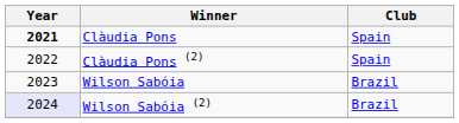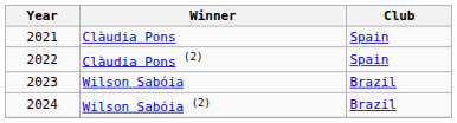 <table class="wikitable" style="width:450px;">
 <tr>
 <th>Year</th>
 <th>Winner</th>
 <th>Club</th>
 </tr>
 <tr>
-<td align=center><strong>2021</strong></td>
+<td align=center>2021</td>
 <td> <a href='#'>Clàudia Pons</a></td>
 <td> <a href='#'>Spain</a></td>
 </tr>
 <tr>
 <td align=center>2022</td>
 <td> <a href='#'>Clàudia Pons</a> <sup>(2)</sup></td>
 <td> <a href='#'>Spain</a></td>
 </tr>
 <tr>
 <td align=center>2023</td>
 <td> <a href='#'>Wilson Sabóia</a></td>
 <td> <a href='#'>Brazil</a></td>
 </tr>
 <tr>
-<td align=center style="background: lavender;">2024</td>
+<td align=center>2024</td>
 <td> <a href='#'>Wilson Sabóia</a> <sup>(2)</sup></td>
 <td> <a href='#'>Brazil</a></td>
 </tr>
 <tr>
 </tr>
 </table>
